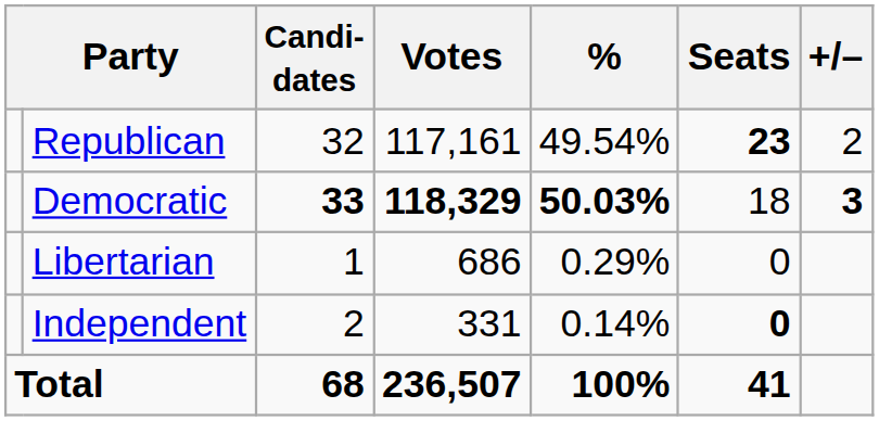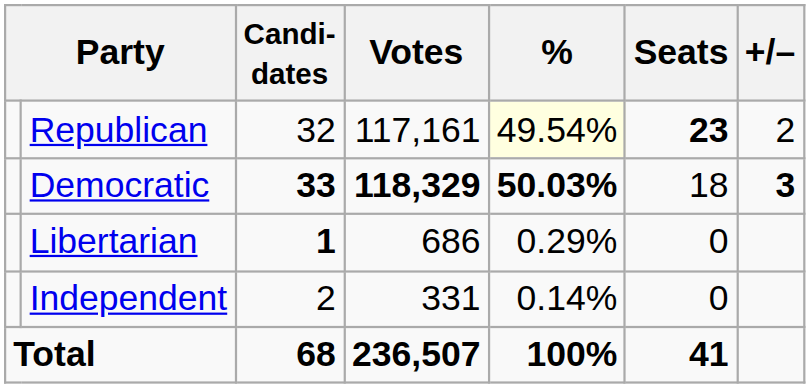 <table class="wikitable" style="font-size:100%; text-align:right;">
 <tr>
 <th colspan=2>Party</th>
 <th><small>Candi-<br>dates</small></th>
 <th>Votes</th>
 <th>%</th>
 <th>Seats</th>
 <th>+/–</th>
 </tr>
 <tr>
 <td style="background:"></td>
 <td align=left><a href='#'>Republican</a></td>
 <td>32</td>
 <td>117,161</td>
-<td>49.54%</td>
+<td style="background: lightyellow;">49.54%</td>
 <td><strong>23</strong></td>
 <td>2</td>
 </tr>
 <tr>
 <td style="background:"></td>
 <td align=left><a href='#'>Democratic</a></td>
 <td><strong>33</strong></td>
 <td><strong>118,329</strong></td>
 <td><strong>50.03%</strong></td>
 <td>18</td>
 <td><strong>3</strong></td>
 </tr>
 <tr>
 <td style="background:"></td>
 <td align=left><a href='#'>Libertarian</a></td>
-<td>1</td>
+<td><strong>1</strong></td>
 <td>686</td>
 <td>0.29%</td>
 <td>0</td>
 <td></td>
 </tr>
 <tr>
 <td style="background:"></td>
 <td align=left><a href='#'>Independent</a></td>
 <td>2</td>
 <td>331</td>
 <td>0.14%</td>
-<td><strong>0</strong></td>
+<td>0</td>
 <td></td>
 </tr>
 <tr style="font-weight:bold">
 <td colspan=2 align=left>Total</td>
 <td>68</td>
 <td>236,507</td>
 <td>100%</td>
 <td>41</td>
 <td></td>
 </tr>
 </table>
